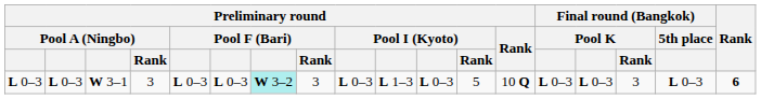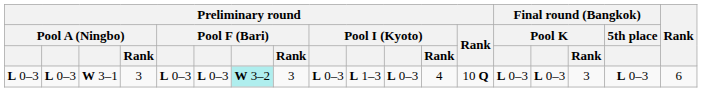 <table class="wikitable" style="font-size:100%;">
 <tr>
 <th colspan=13>Preliminary round</th>
 <th colspan=4>Final round (Bangkok)</th>
 <th rowspan=3>Rank</th>
 </tr>
 <tr>
 <th colspan=4>Pool A (Ningbo)</th>
 <th colspan=4>Pool F (Bari)</th>
 <th colspan=4>Pool I (Kyoto)</th>
 <th rowspan=2>Rank</th>
 <th colspan=3>Pool K</th>
 <th>5th place</th>
 </tr>
 <tr>
 <th></th>
 <th></th>
 <th></th>
 <th>Rank</th>
 <th></th>
 <th></th>
 <th></th>
 <th>Rank</th>
 <th></th>
 <th></th>
 <th></th>
 <th>Rank</th>
 <th></th>
 <th></th>
 <th>Rank</th>
 <th></th>
 </tr>
 <tr align=center>
 <td><strong>L</strong> 0–3</td>
 <td><strong>L</strong> 0–3</td>
 <td><strong>W</strong> 3–1</td>
 <td>3</td>
 <td><strong>L</strong> 0–3</td>
 <td><strong>L</strong> 0–3</td>
 <td style="background: paleturquoise;"><strong>W</strong> 3–2</td>
 <td>3</td>
 <td><strong>L</strong> 0–3</td>
 <td><strong>L</strong> 1–3</td>
 <td><strong>L</strong> 0–3</td>
-<td>5</td>
+<td>4</td>
 <td>10 <strong>Q</strong></td>
 <td><strong>L</strong> 0–3</td>
 <td><strong>L</strong> 0–3</td>
 <td>3</td>
 <td><strong>L</strong> 0–3</td>
-<td><strong>6</strong></td>
+<td>6</td>
 </tr>
 </table>
